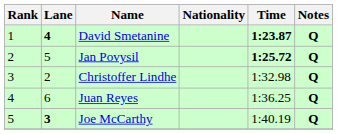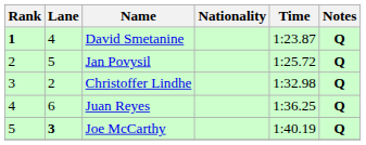 <table class="wikitable">
 <tr>
 <th>Rank</th>
 <th>Lane</th>
 <th>Name</th>
 <th>Nationality</th>
 <th>Time</th>
 <th>Notes</th>
 </tr>
 <tr style="background:#ccffcc;">
-<td>1</td>
-<td><strong>4</strong></td>
+<td><strong>1</strong></td>
+<td>4</td>
 <td><a href='#'>David Smetanine</a></td>
 <td></td>
-<td><strong>1:23.87</strong></td>
+<td>1:23.87</td>
 <td style="text-align:center;"><strong>Q</strong></td>
 </tr>
 <tr style="background:#ccffcc;">
 <td>2</td>
 <td>5</td>
 <td><a href='#'>Jan Povysil</a></td>
 <td></td>
-<td><strong>1:25.72</strong></td>
+<td>1:25.72</td>
 <td style="text-align:center;"><strong>Q</strong></td>
 </tr>
 <tr style="background:#ccffcc;">
 <td>3</td>
 <td>2</td>
 <td><a href='#'>Christoffer Lindhe</a></td>
 <td></td>
 <td>1:32.98</td>
 <td style="text-align:center;"><strong>Q</strong></td>
 </tr>
 <tr style="background:#ccffcc;">
 <td>4</td>
 <td>6</td>
 <td><a href='#'>Juan Reyes</a></td>
 <td></td>
 <td>1:36.25</td>
 <td style="text-align:center;"><strong>Q</strong></td>
 </tr>
 <tr style="background:#ccffcc;">
 <td>5</td>
 <td><strong>3</strong></td>
 <td><a href='#'>Joe McCarthy</a></td>
 <td></td>
 <td>1:40.19</td>
 <td style="text-align:center;"><strong>Q</strong></td>
 </tr>
 <tr>
 </tr>
 </table>
